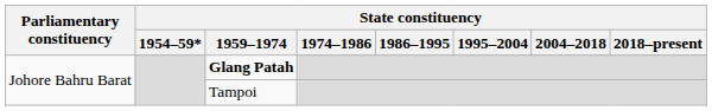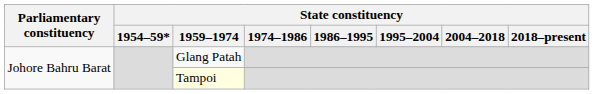 <table class="wikitable">
 <tr>
 <th rowspan="2">Parliamentary<br>constituency</th>
 <th colspan="7">State constituency</th>
 </tr>
 <tr>
 <th>1954–59*</th>
 <th>1959–1974</th>
 <th>1974–1986</th>
 <th>1986–1995</th>
 <th>1995–2004</th>
 <th>2004–2018</th>
 <th>2018–present</th>
 </tr>
 <tr>
 <td rowspan="2">Johore Bahru Barat</td>
 <td rowspan="2" bgcolor="dcdcdc"></td>
-<td><strong>Glang Patah</strong></td>
+<td>Glang Patah</td>
 <td colspan="5" bgcolor="dcdcdc"></td>
 </tr>
 <tr>
-<td>Tampoi</td>
+<td style="background: lightyellow;">Tampoi</td>
 <td colspan="5" bgcolor="dcdcdc"></td>
 </tr>
 </table>
